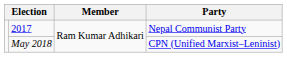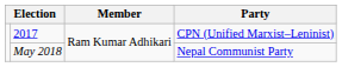 <table class="wikitable">
 <tr>
 <th colspan="2">Election</th>
 <th>Member</th>
 <th>Party</th>
 </tr>
 <tr>
 <td rowspan="2" style="background-color:"></td>
 <td><a href='#'>2017</a></td>
 <td rowspan="2">Ram Kumar Adhikari</td>
-<td><a href='#'>Nepal Communist Party</a></td>
+<td><a href='#'>CPN (Unified Marxist–Leninist)</a></td>
 </tr>
 <tr>
 <td><em>May 2018</em></td>
-<td><a href='#'>CPN (Unified Marxist–Leninist)</a></td>
+<td><a href='#'>Nepal Communist Party</a></td>
 </tr>
 </table>
